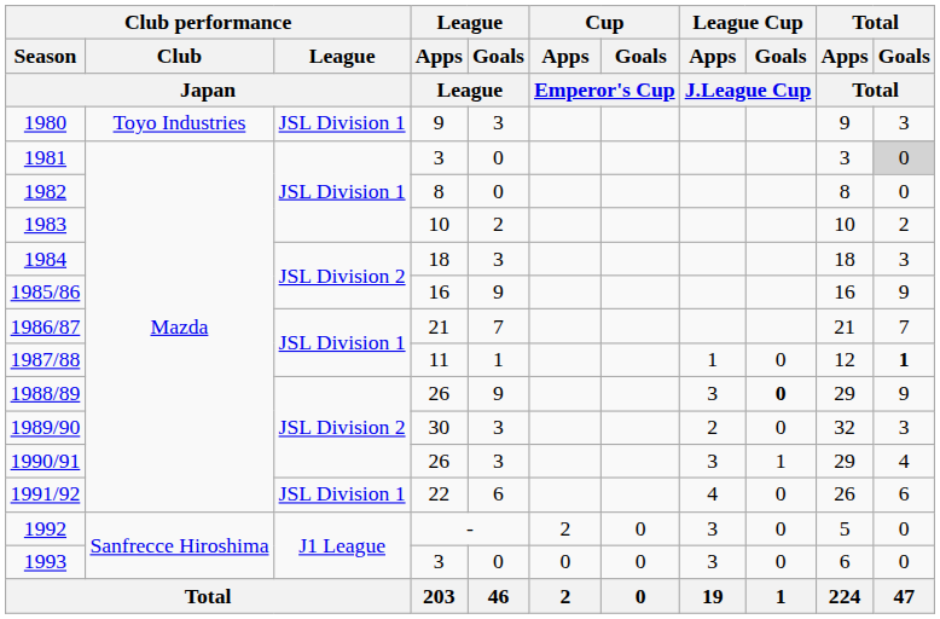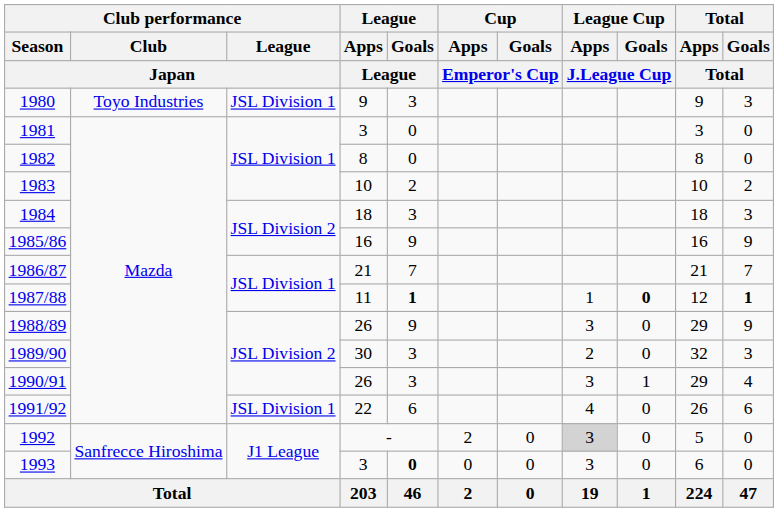 <table class="wikitable" style="text-align:center;">
 <tr>
 <th colspan=3>Club performance</th>
 <th colspan=2>League</th>
 <th colspan=2>Cup</th>
 <th colspan=2>League Cup</th>
 <th colspan=2>Total</th>
 </tr>
 <tr>
 <th>Season</th>
 <th>Club</th>
 <th>League</th>
 <th>Apps</th>
 <th>Goals</th>
 <th>Apps</th>
 <th>Goals</th>
 <th>Apps</th>
 <th>Goals</th>
 <th>Apps</th>
 <th>Goals</th>
 </tr>
 <tr>
 <th colspan=3>Japan</th>
 <th colspan=2>League</th>
 <th colspan=2><a href='#'>Emperor's Cup</a></th>
 <th colspan=2><a href='#'>J.League Cup</a></th>
 <th colspan=2>Total</th>
 </tr>
 <tr>
 <td><a href='#'>1980</a></td>
 <td><a href='#'>Toyo Industries</a></td>
 <td><a href='#'>JSL Division 1</a></td>
 <td>9</td>
 <td>3</td>
 <td></td>
 <td></td>
 <td></td>
 <td></td>
 <td>9</td>
 <td>3</td>
 </tr>
 <tr>
 <td><a href='#'>1981</a></td>
 <td rowspan="11"><a href='#'>Mazda</a></td>
 <td rowspan="3"><a href='#'>JSL Division 1</a></td>
 <td>3</td>
 <td>0</td>
 <td></td>
 <td></td>
 <td></td>
 <td></td>
 <td>3</td>
-<td style="background: lightgrey;">0</td>
+<td>0</td>
 </tr>
 <tr>
 <td><a href='#'>1982</a></td>
 <td>8</td>
 <td>0</td>
 <td></td>
 <td></td>
 <td></td>
 <td></td>
 <td>8</td>
 <td>0</td>
 </tr>
 <tr>
 <td><a href='#'>1983</a></td>
 <td>10</td>
 <td>2</td>
 <td></td>
 <td></td>
 <td></td>
 <td></td>
 <td>10</td>
 <td>2</td>
 </tr>
 <tr>
 <td><a href='#'>1984</a></td>
 <td rowspan="2"><a href='#'>JSL Division 2</a></td>
 <td>18</td>
 <td>3</td>
 <td></td>
 <td></td>
 <td></td>
 <td></td>
 <td>18</td>
 <td>3</td>
 </tr>
 <tr>
 <td><a href='#'>1985/86</a></td>
 <td>16</td>
 <td>9</td>
 <td></td>
 <td></td>
 <td></td>
 <td></td>
 <td>16</td>
 <td>9</td>
 </tr>
 <tr>
 <td><a href='#'>1986/87</a></td>
 <td rowspan="2"><a href='#'>JSL Division 1</a></td>
 <td>21</td>
 <td>7</td>
 <td></td>
 <td></td>
 <td></td>
 <td></td>
 <td>21</td>
 <td>7</td>
 </tr>
 <tr>
 <td><a href='#'>1987/88</a></td>
 <td>11</td>
-<td>1</td>
+<td><strong>1</strong></td>
 <td></td>
 <td></td>
 <td>1</td>
-<td>0</td>
+<td><strong>0</strong></td>
 <td>12</td>
 <td><strong>1</strong></td>
 </tr>
 <tr>
 <td><a href='#'>1988/89</a></td>
 <td rowspan="3"><a href='#'>JSL Division 2</a></td>
 <td>26</td>
 <td>9</td>
 <td></td>
 <td></td>
 <td>3</td>
-<td><strong>0</strong></td>
+<td>0</td>
 <td>29</td>
 <td>9</td>
 </tr>
 <tr>
 <td><a href='#'>1989/90</a></td>
 <td>30</td>
 <td>3</td>
 <td></td>
 <td></td>
 <td>2</td>
 <td>0</td>
 <td>32</td>
 <td>3</td>
 </tr>
 <tr>
 <td><a href='#'>1990/91</a></td>
 <td>26</td>
 <td>3</td>
 <td></td>
 <td></td>
 <td>3</td>
 <td>1</td>
 <td>29</td>
 <td>4</td>
 </tr>
 <tr>
 <td><a href='#'>1991/92</a></td>
 <td><a href='#'>JSL Division 1</a></td>
 <td>22</td>
 <td>6</td>
 <td></td>
 <td></td>
 <td>4</td>
 <td>0</td>
 <td>26</td>
 <td>6</td>
 </tr>
 <tr>
 <td><a href='#'>1992</a></td>
 <td rowspan="2"><a href='#'>Sanfrecce Hiroshima</a></td>
 <td rowspan="2"><a href='#'>J1 League</a></td>
 <td colspan="2">-</td>
 <td>2</td>
 <td>0</td>
-<td>3</td>
+<td style="background: lightgrey;">3</td>
 <td>0</td>
 <td>5</td>
 <td>0</td>
 </tr>
 <tr>
 <td><a href='#'>1993</a></td>
 <td>3</td>
-<td>0</td>
+<td><strong>0</strong></td>
 <td>0</td>
 <td>0</td>
 <td>3</td>
 <td>0</td>
 <td>6</td>
 <td>0</td>
 </tr>
 <tr>
 <th colspan=3>Total</th>
 <th>203</th>
 <th>46</th>
 <th>2</th>
 <th>0</th>
 <th>19</th>
 <th>1</th>
 <th>224</th>
 <th>47</th>
 </tr>
 </table>
